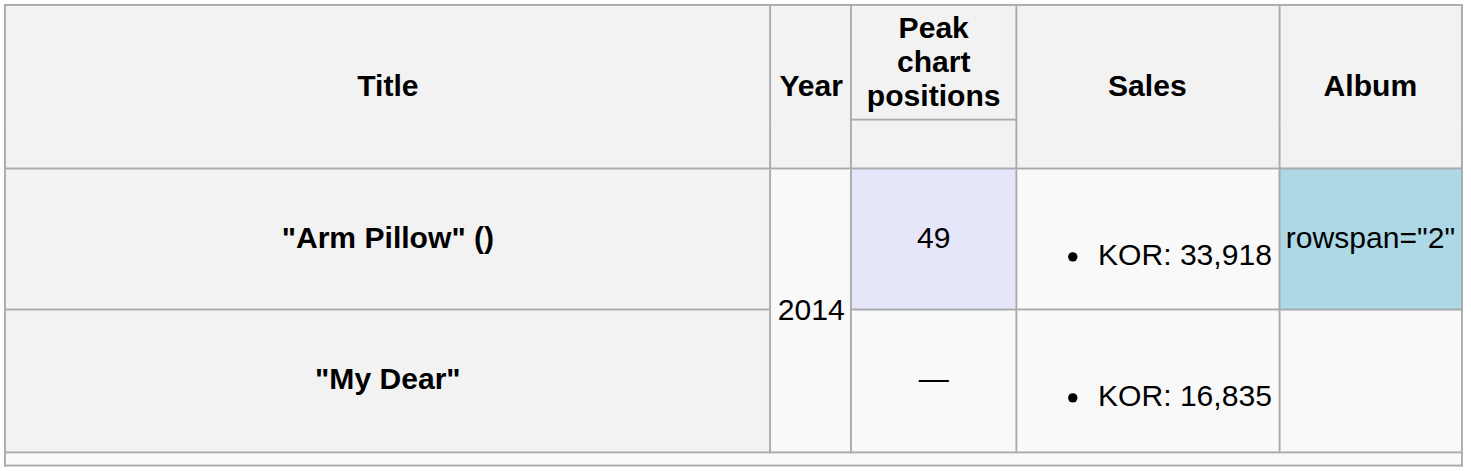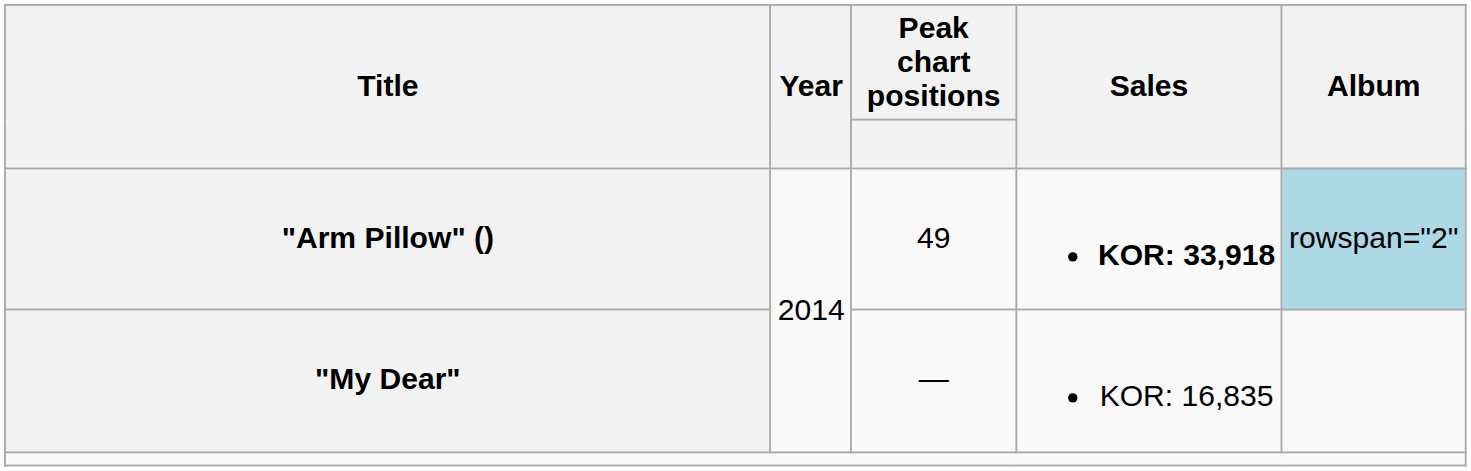 <table class="wikitable plainrowheaders" style="text-align:center">
 <tr>
 <th rowspan="2" scope="col" style="width:25em">Title</th>
 <th rowspan="2" scope="col">Year</th>
 <th colspan="1" scope="col" style="width:5em">Peak chart positions</th>
 <th rowspan="2" scope="col">Sales<br></th>
 <th rowspan="2" scope="col">Album</th>
 </tr>
 <tr>
 <th><br></th>
 </tr>
 <tr>
 <th scope="row">"Arm Pillow" ()</th>
 <td rowspan="2">2014</td>
-<td style="background: lavender;">49</td>
-<td><br><ul><li>KOR: 33,918</li></ul></td>
+<td>49</td>
+<td><strong><br><ul><li>KOR: 33,918</li></ul></strong></td>
 <td style="background: lightblue;">rowspan="2" </td>
 </tr>
 <tr>
 <th scope="row">"My Dear" </th>
 <td>—</td>
 <td><br><ul><li>KOR: 16,835</li></ul></td>
 </tr>
 <tr>
 <td colspan="5"></td>
 </tr>
 </table>
